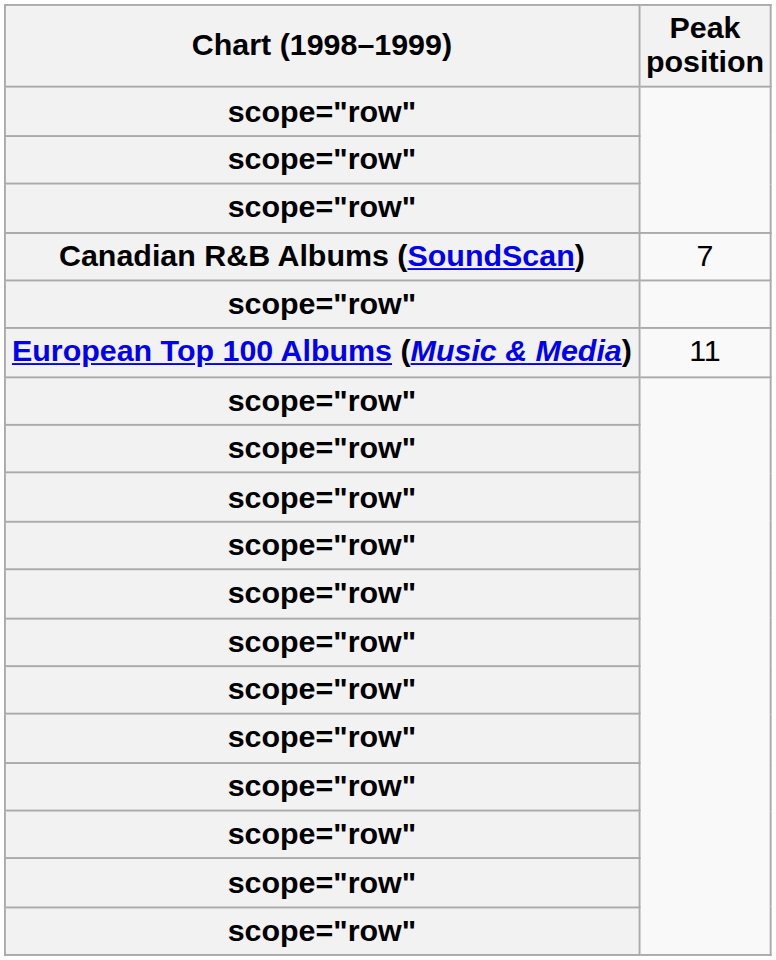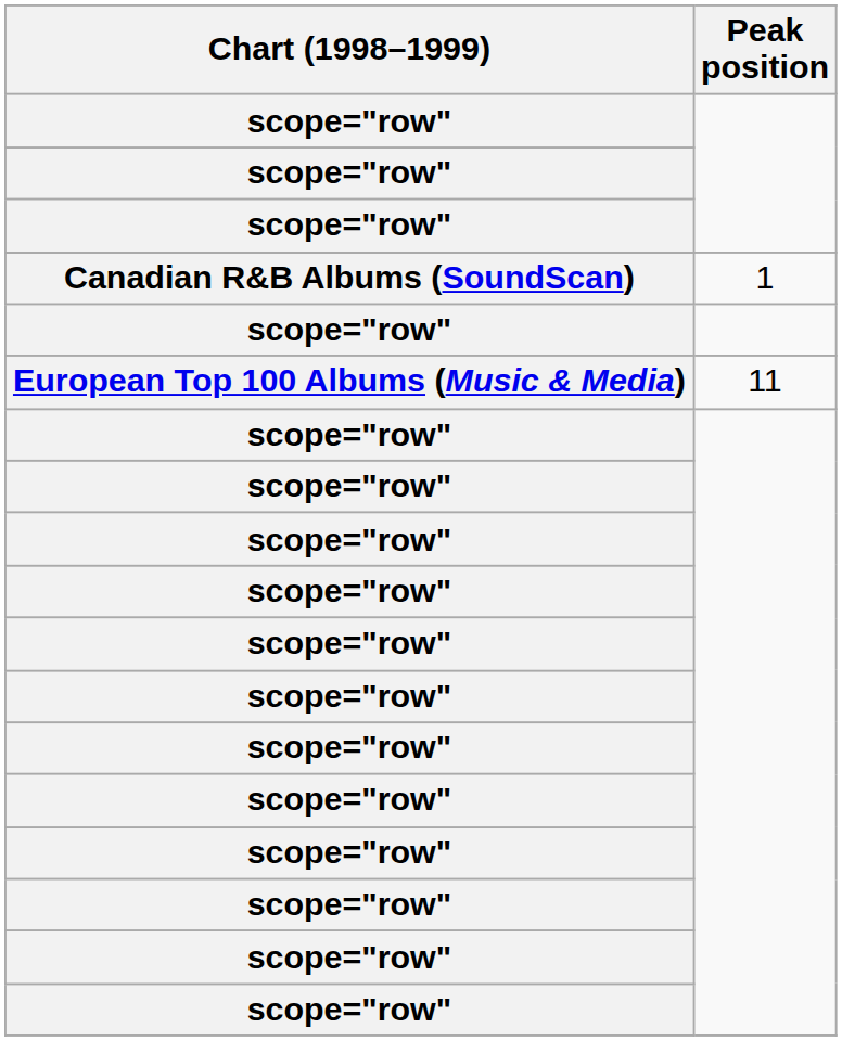 <table class="wikitable sortable plainrowheaders" style="text-align:center">
 <tr>
 <th scope="col">Chart (1998–1999)</th>
 <th scope="col">Peak<br>position</th>
 </tr>
 <tr>
 <th>scope="row" </th>
 </tr>
 <tr>
 <th>scope="row" </th>
 </tr>
 <tr>
 <th>scope="row" </th>
 </tr>
 <tr>
 </tr>
 <tr>
 <th scope="row">Canadian R&B Albums (<a href='#'>SoundScan</a>)</th>
-<td align="center">7</td>
+<td align="center">1</td>
 </tr>
 <tr>
 <th>scope="row" </th>
 </tr>
 <tr>
 <th scope="row"><a href='#'>European Top 100 Albums</a> (<em><a href='#'>Music & Media</a></em>)</th>
 <td align="center">11</td>
 </tr>
 <tr>
 <th>scope="row" </th>
 </tr>
 <tr>
 <th>scope="row" </th>
 </tr>
 <tr>
 <th>scope="row" </th>
 </tr>
 <tr>
 <th>scope="row" </th>
 </tr>
 <tr>
 <th>scope="row" </th>
 </tr>
 <tr>
 <th>scope="row" </th>
 </tr>
 <tr>
 <th>scope="row" </th>
 </tr>
 <tr>
 <th>scope="row" </th>
 </tr>
 <tr>
 <th>scope="row" </th>
 </tr>
 <tr>
 <th>scope="row" </th>
 </tr>
 <tr>
 <th>scope="row" </th>
 </tr>
 <tr>
 <th>scope="row" </th>
 </tr>
 </table>
